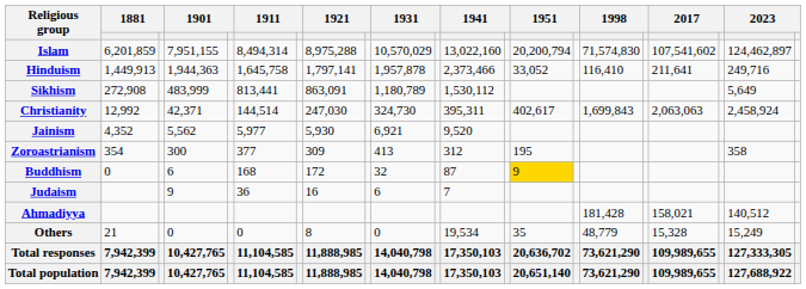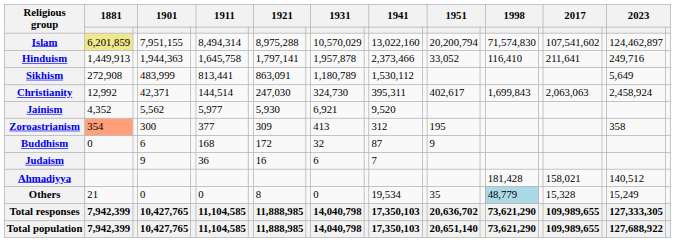 <table class="wikitable sortable">
 <tr>
 <th rowspan="2">Religious<br>group</th>
 <th colspan="2">1881</th>
 <th colspan="2">1901</th>
 <th colspan="2">1911</th>
 <th colspan="2">1921</th>
 <th colspan="2">1931</th>
 <th colspan="2">1941</th>
 <th colspan="2">1951</th>
 <th colspan="2">1998</th>
 <th colspan="2">2017</th>
 <th colspan="2">2023</th>
 </tr>
 <tr>
 <th><a href='#'></a></th>
 <th></th>
 <th></th>
 <th></th>
 <th></th>
 <th></th>
 <th></th>
 <th></th>
 <th></th>
 <th></th>
 <th></th>
 <th></th>
 <th></th>
 <th></th>
 <th></th>
 <th></th>
 <th></th>
 <th></th>
 <th></th>
 <th></th>
 </tr>
 <tr>
 <th><a href='#'>Islam</a> </th>
-<td>6,201,859</td>
+<td style="background: khaki;">6,201,859</td>
 <td></td>
 <td>7,951,155</td>
 <td></td>
 <td>8,494,314</td>
 <td></td>
 <td>8,975,288</td>
 <td></td>
 <td>10,570,029</td>
 <td></td>
 <td>13,022,160</td>
 <td></td>
 <td>20,200,794</td>
 <td></td>
 <td>71,574,830</td>
 <td></td>
 <td>107,541,602</td>
 <td></td>
 <td>124,462,897</td>
 <td></td>
 </tr>
 <tr>
 <th><a href='#'>Hinduism</a> </th>
 <td>1,449,913</td>
 <td></td>
 <td>1,944,363</td>
 <td></td>
 <td>1,645,758</td>
 <td></td>
 <td>1,797,141</td>
 <td></td>
 <td>1,957,878</td>
 <td></td>
 <td>2,373,466</td>
 <td></td>
 <td>33,052</td>
 <td></td>
 <td>116,410</td>
 <td></td>
 <td>211,641</td>
 <td></td>
 <td>249,716</td>
 <td></td>
 </tr>
 <tr>
 <th><a href='#'>Sikhism</a> </th>
 <td>272,908</td>
 <td></td>
 <td>483,999</td>
 <td></td>
 <td>813,441</td>
 <td></td>
 <td>863,091</td>
 <td></td>
 <td>1,180,789</td>
 <td></td>
 <td>1,530,112</td>
 <td></td>
 <td></td>
 <td></td>
 <td></td>
 <td></td>
 <td></td>
 <td></td>
 <td>5,649</td>
 <td></td>
 </tr>
 <tr>
 <th><a href='#'>Christianity</a> </th>
 <td>12,992</td>
 <td></td>
 <td>42,371</td>
 <td></td>
 <td>144,514</td>
 <td></td>
 <td>247,030</td>
 <td></td>
 <td>324,730</td>
 <td></td>
 <td>395,311</td>
 <td></td>
 <td>402,617</td>
 <td></td>
 <td>1,699,843</td>
 <td></td>
 <td>2,063,063</td>
 <td></td>
 <td>2,458,924</td>
 <td></td>
 </tr>
 <tr>
 <th><a href='#'>Jainism</a> </th>
 <td>4,352</td>
 <td></td>
 <td>5,562</td>
 <td></td>
 <td>5,977</td>
 <td></td>
 <td>5,930</td>
 <td></td>
 <td>6,921</td>
 <td></td>
 <td>9,520</td>
 <td></td>
 <td></td>
 <td></td>
 <td></td>
 <td></td>
 <td></td>
 <td></td>
 <td></td>
 <td></td>
 </tr>
 <tr>
 <th><a href='#'>Zoroastrianism</a> </th>
-<td>354</td>
+<td style="background: lightsalmon;">354</td>
 <td></td>
 <td>300</td>
 <td></td>
 <td>377</td>
 <td></td>
 <td>309</td>
 <td></td>
 <td>413</td>
 <td></td>
 <td>312</td>
 <td></td>
 <td>195</td>
 <td></td>
 <td></td>
 <td></td>
 <td></td>
 <td></td>
 <td>358</td>
 <td></td>
 </tr>
 <tr>
 <th><a href='#'>Buddhism</a> </th>
 <td>0</td>
 <td></td>
 <td>6</td>
 <td></td>
 <td>168</td>
 <td></td>
 <td>172</td>
 <td></td>
 <td>32</td>
 <td></td>
 <td>87</td>
 <td></td>
-<td style="background: gold;">9</td>
+<td>9</td>
 <td></td>
 <td></td>
 <td></td>
 <td></td>
 <td></td>
 <td></td>
 <td></td>
 </tr>
 <tr>
 <th><a href='#'>Judaism</a> </th>
 <td></td>
 <td></td>
 <td>9</td>
 <td></td>
 <td>36</td>
 <td></td>
 <td>16</td>
 <td></td>
 <td>6</td>
 <td></td>
 <td>7</td>
 <td></td>
 <td></td>
 <td></td>
 <td></td>
 <td></td>
 <td></td>
 <td></td>
 <td></td>
 <td></td>
 </tr>
 <tr>
 <th><a href='#'>Ahmadiyya</a> </th>
 <td></td>
 <td></td>
 <td></td>
 <td></td>
 <td></td>
 <td></td>
 <td></td>
 <td></td>
 <td></td>
 <td></td>
 <td></td>
 <td></td>
 <td></td>
 <td></td>
 <td>181,428</td>
 <td></td>
 <td>158,021</td>
 <td></td>
 <td>140,512</td>
 <td></td>
 </tr>
 <tr>
 <th>Others</th>
 <td>21</td>
 <td></td>
 <td>0</td>
 <td></td>
 <td>0</td>
 <td></td>
 <td>8</td>
 <td></td>
 <td>0</td>
 <td></td>
 <td>19,534</td>
 <td></td>
 <td>35</td>
 <td></td>
-<td>48,779</td>
+<td style="background: lightblue;">48,779</td>
 <td></td>
 <td>15,328</td>
 <td></td>
 <td>15,249</td>
 <td></td>
 </tr>
 <tr class="sortbottom">
 <th>Total responses</th>
 <th>7,942,399</th>
 <th></th>
 <th>10,427,765</th>
 <th></th>
 <th>11,104,585</th>
 <th></th>
 <th>11,888,985</th>
 <th></th>
 <th>14,040,798</th>
 <th></th>
 <th>17,350,103</th>
 <th></th>
 <th>20,636,702</th>
 <th></th>
 <th>73,621,290</th>
 <th></th>
 <th>109,989,655</th>
 <th></th>
 <th>127,333,305</th>
 <th></th>
 </tr>
 <tr class="sortbottom">
 <th>Total population</th>
 <th>7,942,399</th>
 <th></th>
 <th>10,427,765</th>
 <th></th>
 <th>11,104,585</th>
 <th></th>
 <th>11,888,985</th>
 <th></th>
 <th>14,040,798</th>
 <th></th>
 <th>17,350,103</th>
 <th></th>
 <th>20,651,140</th>
 <th></th>
 <th>73,621,290</th>
 <th></th>
 <th>109,989,655</th>
 <th></th>
 <th>127,688,922</th>
 <th></th>
 </tr>
 </table>
